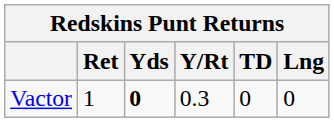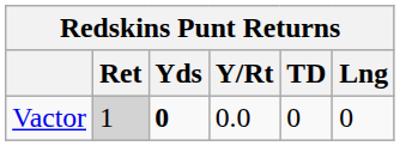 <table class="wikitable">
 <tr>
 <th colspan="6">Redskins Punt Returns</th>
 </tr>
 <tr>
 <th></th>
 <th>Ret</th>
 <th>Yds</th>
 <th>Y/Rt</th>
 <th>TD</th>
 <th>Lng</th>
 </tr>
 <tr>
 <td><a href='#'>Vactor</a></td>
-<td>1</td>
+<td style="background: lightgrey;">1</td>
 <td><strong>0</strong></td>
-<td>0.3</td>
+<td>0.0</td>
 <td>0</td>
 <td>0</td>
 </tr>
 </table>
